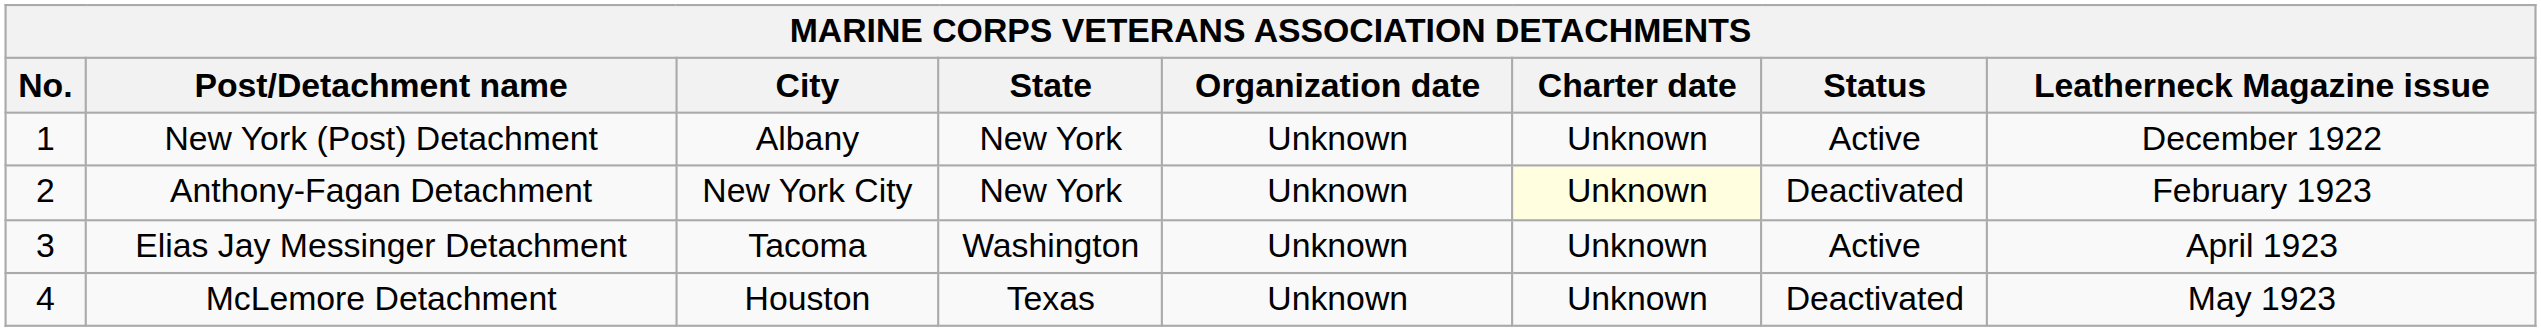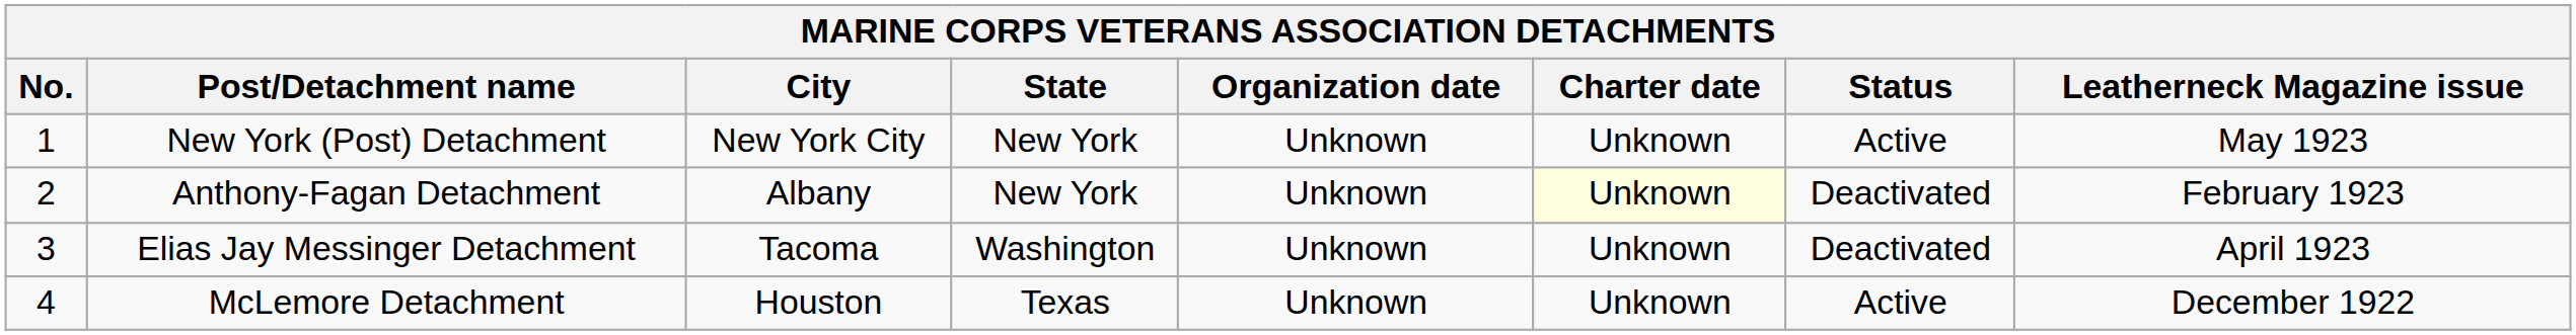 <table class="wikitable" style="margin-left: auto; margin-right: auto; border: none; width:95%; text-align:center; cellpadding: 2; cellspacing: 0;">
 <tr>
 <th colspan="8">MARINE CORPS VETERANS ASSOCIATION DETACHMENTS</th>
 </tr>
 <tr>
 <th>No.</th>
 <th>Post/Detachment name</th>
 <th>City</th>
 <th>State</th>
 <th>Organization date</th>
 <th>Charter date</th>
 <th>Status</th>
 <th>Leatherneck Magazine issue</th>
 </tr>
 <tr>
 <td style="text-align:center;">1</td>
 <td>New York (Post) Detachment</td>
-<td style="text-align:center;">Albany</td>
+<td style="text-align:center;">New York City</td>
 <td style="text-align:center;">New York</td>
 <td style="text-align:center;">Unknown</td>
 <td style="text-align:center;">Unknown</td>
 <td style="text-align:center;">Active</td>
-<td style="text-align:center;">December 1922</td>
+<td style="text-align:center;">May 1923</td>
 </tr>
 <tr>
 <td style="text-align:center;">2</td>
 <td>Anthony-Fagan Detachment</td>
-<td style="text-align:center;">New York City</td>
+<td style="text-align:center;">Albany</td>
 <td style="text-align:center;">New York</td>
 <td style="text-align:center;">Unknown</td>
 <td style="background: lightyellow; text-align:center;">Unknown</td>
 <td style="text-align:center;">Deactivated</td>
 <td style="text-align:center;">February 1923</td>
 </tr>
 <tr>
 <td style="text-align:center;">3</td>
 <td>Elias Jay Messinger Detachment</td>
 <td style="text-align:center;">Tacoma</td>
 <td style="text-align:center;">Washington</td>
 <td style="text-align:center;">Unknown</td>
 <td style="text-align:center;">Unknown</td>
-<td style="text-align:center;">Active</td>
+<td style="text-align:center;">Deactivated</td>
 <td style="text-align:center;">April 1923</td>
 </tr>
 <tr>
 <td style="text-align:center;">4</td>
 <td>McLemore Detachment</td>
 <td style="text-align:center;">Houston</td>
 <td style="text-align:center;">Texas</td>
 <td style="text-align:center;">Unknown</td>
 <td style="text-align:center;">Unknown</td>
-<td style="text-align:center;">Deactivated</td>
-<td style="text-align:center;">May 1923</td>
+<td style="text-align:center;">Active</td>
+<td style="text-align:center;">December 1922</td>
 </tr>
 </table>
